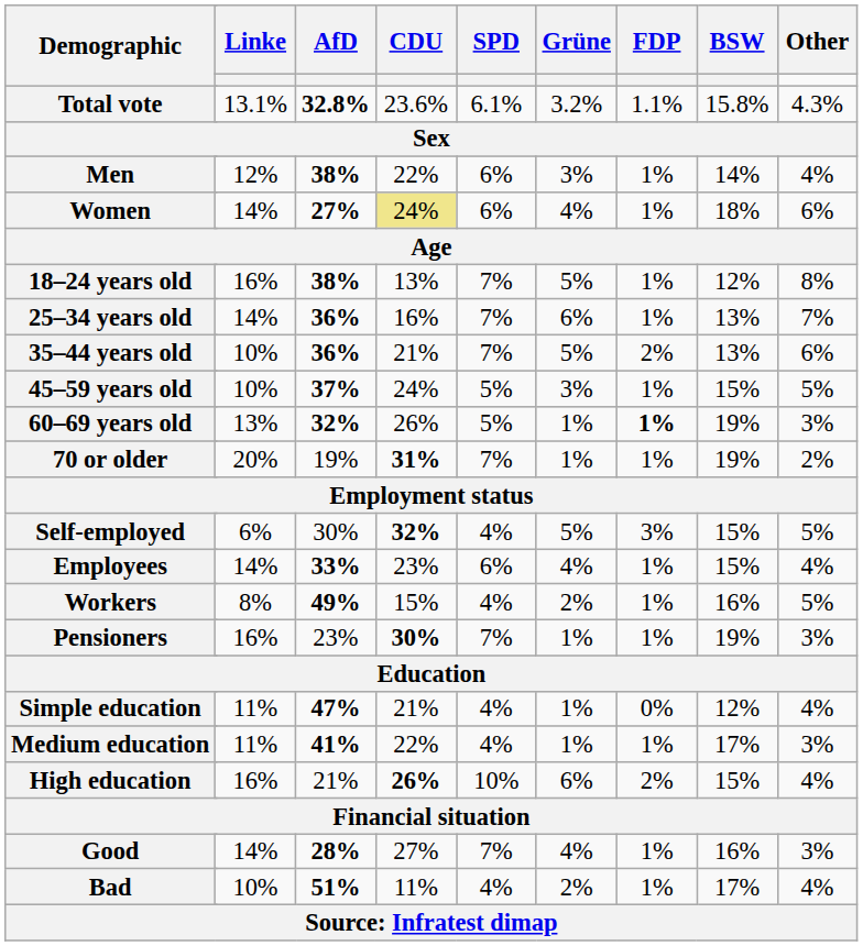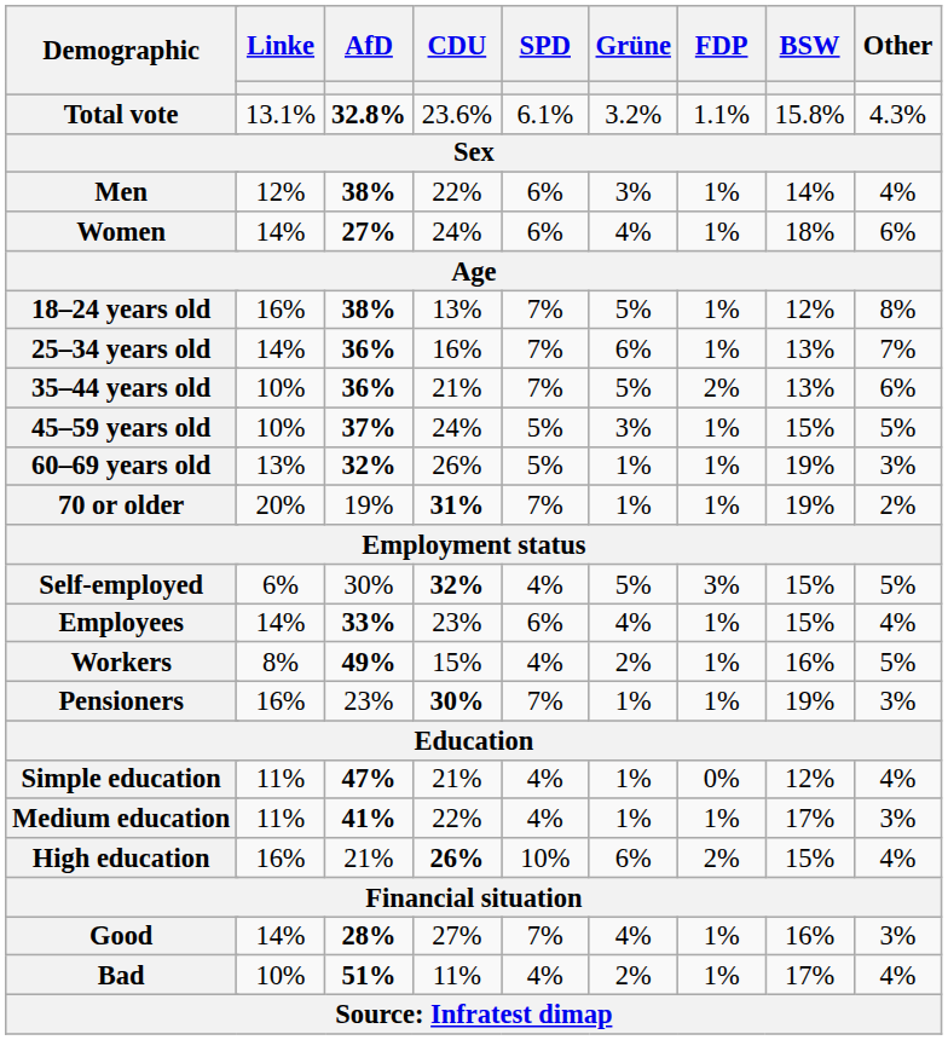 <table class="wikitable sortable" style="text-align:center; font-size:90%; line-height:14px">
 <tr style="height:40px;">
 <th rowspan="2" colspan="2">Demographic</th>
 <th class="unsortable" style="width:40px;"><a href='#'>Linke</a></th>
 <th class="unsortable" style="width:40px;"><a href='#'>AfD</a></th>
 <th class="unsortable" style="width:40px;"><a href='#'>CDU</a></th>
 <th class="unsortable" style="width:40px;"><a href='#'>SPD</a></th>
 <th class="unsortable" style="width:40px;"><a href='#'>Grüne</a></th>
 <th class="unsortable" style="width:40px;"><a href='#'>FDP</a></th>
 <th class="unsortable" style="width:40px;"><a href='#'>BSW</a></th>
 <th class="unsortable" style="width:40px;">Other</th>
 </tr>
 <tr>
 <th data-sort-type="number" style="background:"></th>
 <th data-sort-type="number" style="background:"></th>
 <th data-sort-type="number" style="background:"></th>
 <th data-sort-type="number" style="background:"></th>
 <th data-sort-type="number" style="background:"></th>
 <th data-sort-type="number" style="background:"></th>
 <th data-sort-type="number" style="background:"></th>
 </tr>
 <tr>
 <th colspan="2">Total vote</th>
 <td>13.1%</td>
 <td style="background-color:#"><strong>32.8%</strong></td>
 <td>23.6%</td>
 <td>6.1%</td>
 <td>3.2%</td>
 <td>1.1%</td>
 <td>15.8%</td>
 <td>4.3%</td>
 </tr>
 <tr>
 <th colspan="13">Sex</th>
 </tr>
 <tr>
 <th colspan="2">Men</th>
 <td>12%</td>
 <td style="background-color:#"><strong>38%</strong></td>
 <td>22%</td>
 <td>6%</td>
 <td>3%</td>
 <td>1%</td>
 <td>14%</td>
 <td>4%</td>
 </tr>
 <tr>
 <th colspan="2">Women</th>
 <td>14%</td>
 <td style="background-color:#"><strong>27%</strong></td>
-<td style="background: khaki;">24%</td>
+<td>24%</td>
 <td>6%</td>
 <td>4%</td>
 <td>1%</td>
 <td>18%</td>
 <td>6%</td>
 </tr>
 <tr>
 <th colspan="13">Age</th>
 </tr>
 <tr>
 <th colspan="2">18–24 years old</th>
 <td>16%</td>
 <td style="background-color:#"><strong>38%</strong></td>
 <td>13%</td>
 <td>7%</td>
 <td>5%</td>
 <td>1%</td>
 <td>12%</td>
 <td>8%</td>
 </tr>
 <tr>
 <th colspan="2">25–34 years old</th>
 <td>14%</td>
 <td style="background-color:#"><strong>36%</strong></td>
 <td>16%</td>
 <td>7%</td>
 <td>6%</td>
 <td>1%</td>
 <td>13%</td>
 <td>7%</td>
 </tr>
 <tr>
 <th colspan="2">35–44 years old</th>
 <td>10%</td>
 <td style="background-color:#"><strong>36%</strong></td>
 <td>21%</td>
 <td>7%</td>
 <td>5%</td>
 <td>2%</td>
 <td>13%</td>
 <td>6%</td>
 </tr>
 <tr>
 <th colspan="2">45–59 years old</th>
 <td>10%</td>
 <td style="background-color:#"><strong>37%</strong></td>
 <td>24%</td>
 <td>5%</td>
 <td>3%</td>
 <td>1%</td>
 <td>15%</td>
 <td>5%</td>
 </tr>
 <tr>
 <th colspan="2">60–69 years old</th>
 <td>13%</td>
 <td style="background-color:#"><strong>32%</strong></td>
 <td>26%</td>
 <td>5%</td>
 <td>1%</td>
-<td><strong>1%</strong></td>
+<td>1%</td>
 <td>19%</td>
 <td>3%</td>
 </tr>
 <tr>
 <th colspan="2">70 or older</th>
 <td>20%</td>
 <td>19%</td>
 <td style="background-color:#"><strong>31%</strong></td>
 <td>7%</td>
 <td>1%</td>
 <td>1%</td>
 <td>19%</td>
 <td>2%</td>
 </tr>
 <tr>
 <th colspan="13">Employment status</th>
 </tr>
 <tr>
 <th colspan="2">Self-employed</th>
 <td>6%</td>
 <td>30%</td>
 <td style="background-color:#"><strong>32%</strong></td>
 <td>4%</td>
 <td>5%</td>
 <td>3%</td>
 <td>15%</td>
 <td>5%</td>
 </tr>
 <tr>
 <th colspan="2">Employees</th>
 <td>14%</td>
 <td style="background-color:#"><strong>33%</strong></td>
 <td>23%</td>
 <td>6%</td>
 <td>4%</td>
 <td>1%</td>
 <td>15%</td>
 <td>4%</td>
 </tr>
 <tr>
 <th colspan="2">Workers</th>
 <td>8%</td>
 <td style="background-color:#"><strong>49%</strong></td>
 <td>15%</td>
 <td>4%</td>
 <td>2%</td>
 <td>1%</td>
 <td>16%</td>
 <td>5%</td>
 </tr>
 <tr>
 <th colspan="2">Pensioners</th>
 <td>16%</td>
 <td>23%</td>
 <td style="background-color:#"><strong>30%</strong></td>
 <td>7%</td>
 <td>1%</td>
 <td>1%</td>
 <td>19%</td>
 <td>3%</td>
 </tr>
 <tr>
 <th colspan="13">Education</th>
 </tr>
 <tr>
 <th colspan="2">Simple education</th>
 <td>11%</td>
 <td style="background-color:#"><strong>47%</strong></td>
 <td>21%</td>
 <td>4%</td>
 <td>1%</td>
 <td>0%</td>
 <td>12%</td>
 <td>4%</td>
 </tr>
 <tr>
 <th colspan="2">Medium education</th>
 <td>11%</td>
 <td style="background-color:#"><strong>41%</strong></td>
 <td>22%</td>
 <td>4%</td>
 <td>1%</td>
 <td>1%</td>
 <td>17%</td>
 <td>3%</td>
 </tr>
 <tr>
 <th colspan="2">High education</th>
 <td>16%</td>
 <td>21%</td>
 <td style="background-color:#"><strong>26%</strong></td>
 <td>10%</td>
 <td>6%</td>
 <td>2%</td>
 <td>15%</td>
 <td>4%</td>
 </tr>
 <tr>
 <th colspan="13">Financial situation</th>
 </tr>
 <tr>
 <th colspan="2">Good</th>
 <td>14%</td>
 <td style="background-color:#"><strong>28%</strong></td>
 <td>27%</td>
 <td>7%</td>
 <td>4%</td>
 <td>1%</td>
 <td>16%</td>
 <td>3%</td>
 </tr>
 <tr>
 <th colspan="2">Bad</th>
 <td>10%</td>
 <td style="background-color:#"><strong>51%</strong></td>
 <td>11%</td>
 <td>4%</td>
 <td>2%</td>
 <td>1%</td>
 <td>17%</td>
 <td>4%</td>
 </tr>
 <tr>
 <th colspan="13">Source: <a href='#'>Infratest dimap</a></th>
 </tr>
 </table>
